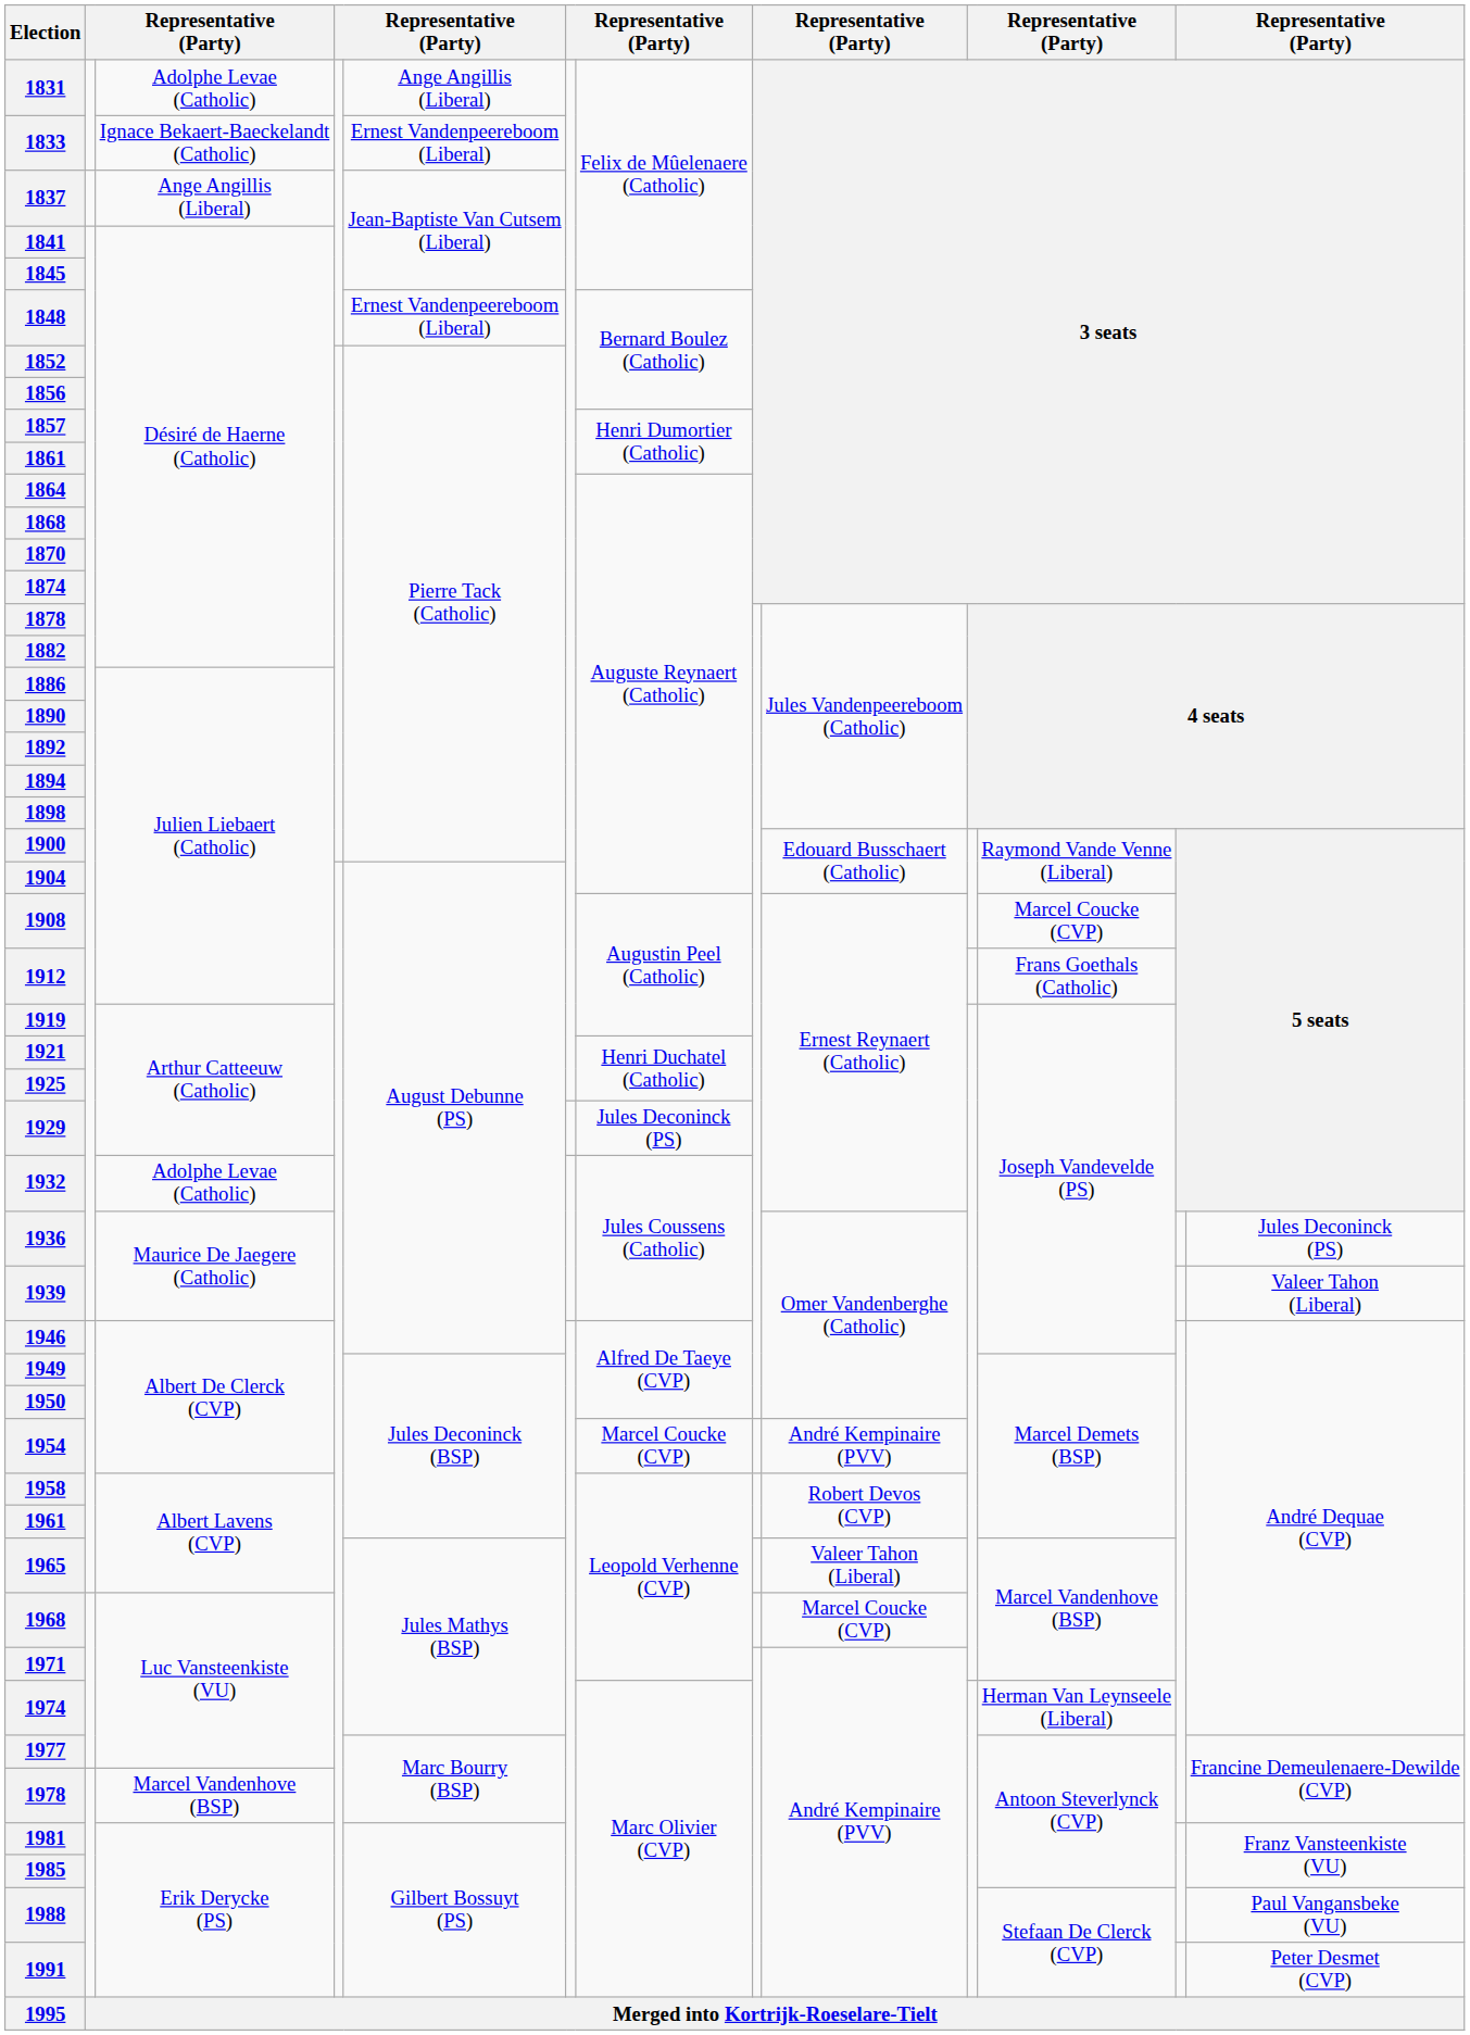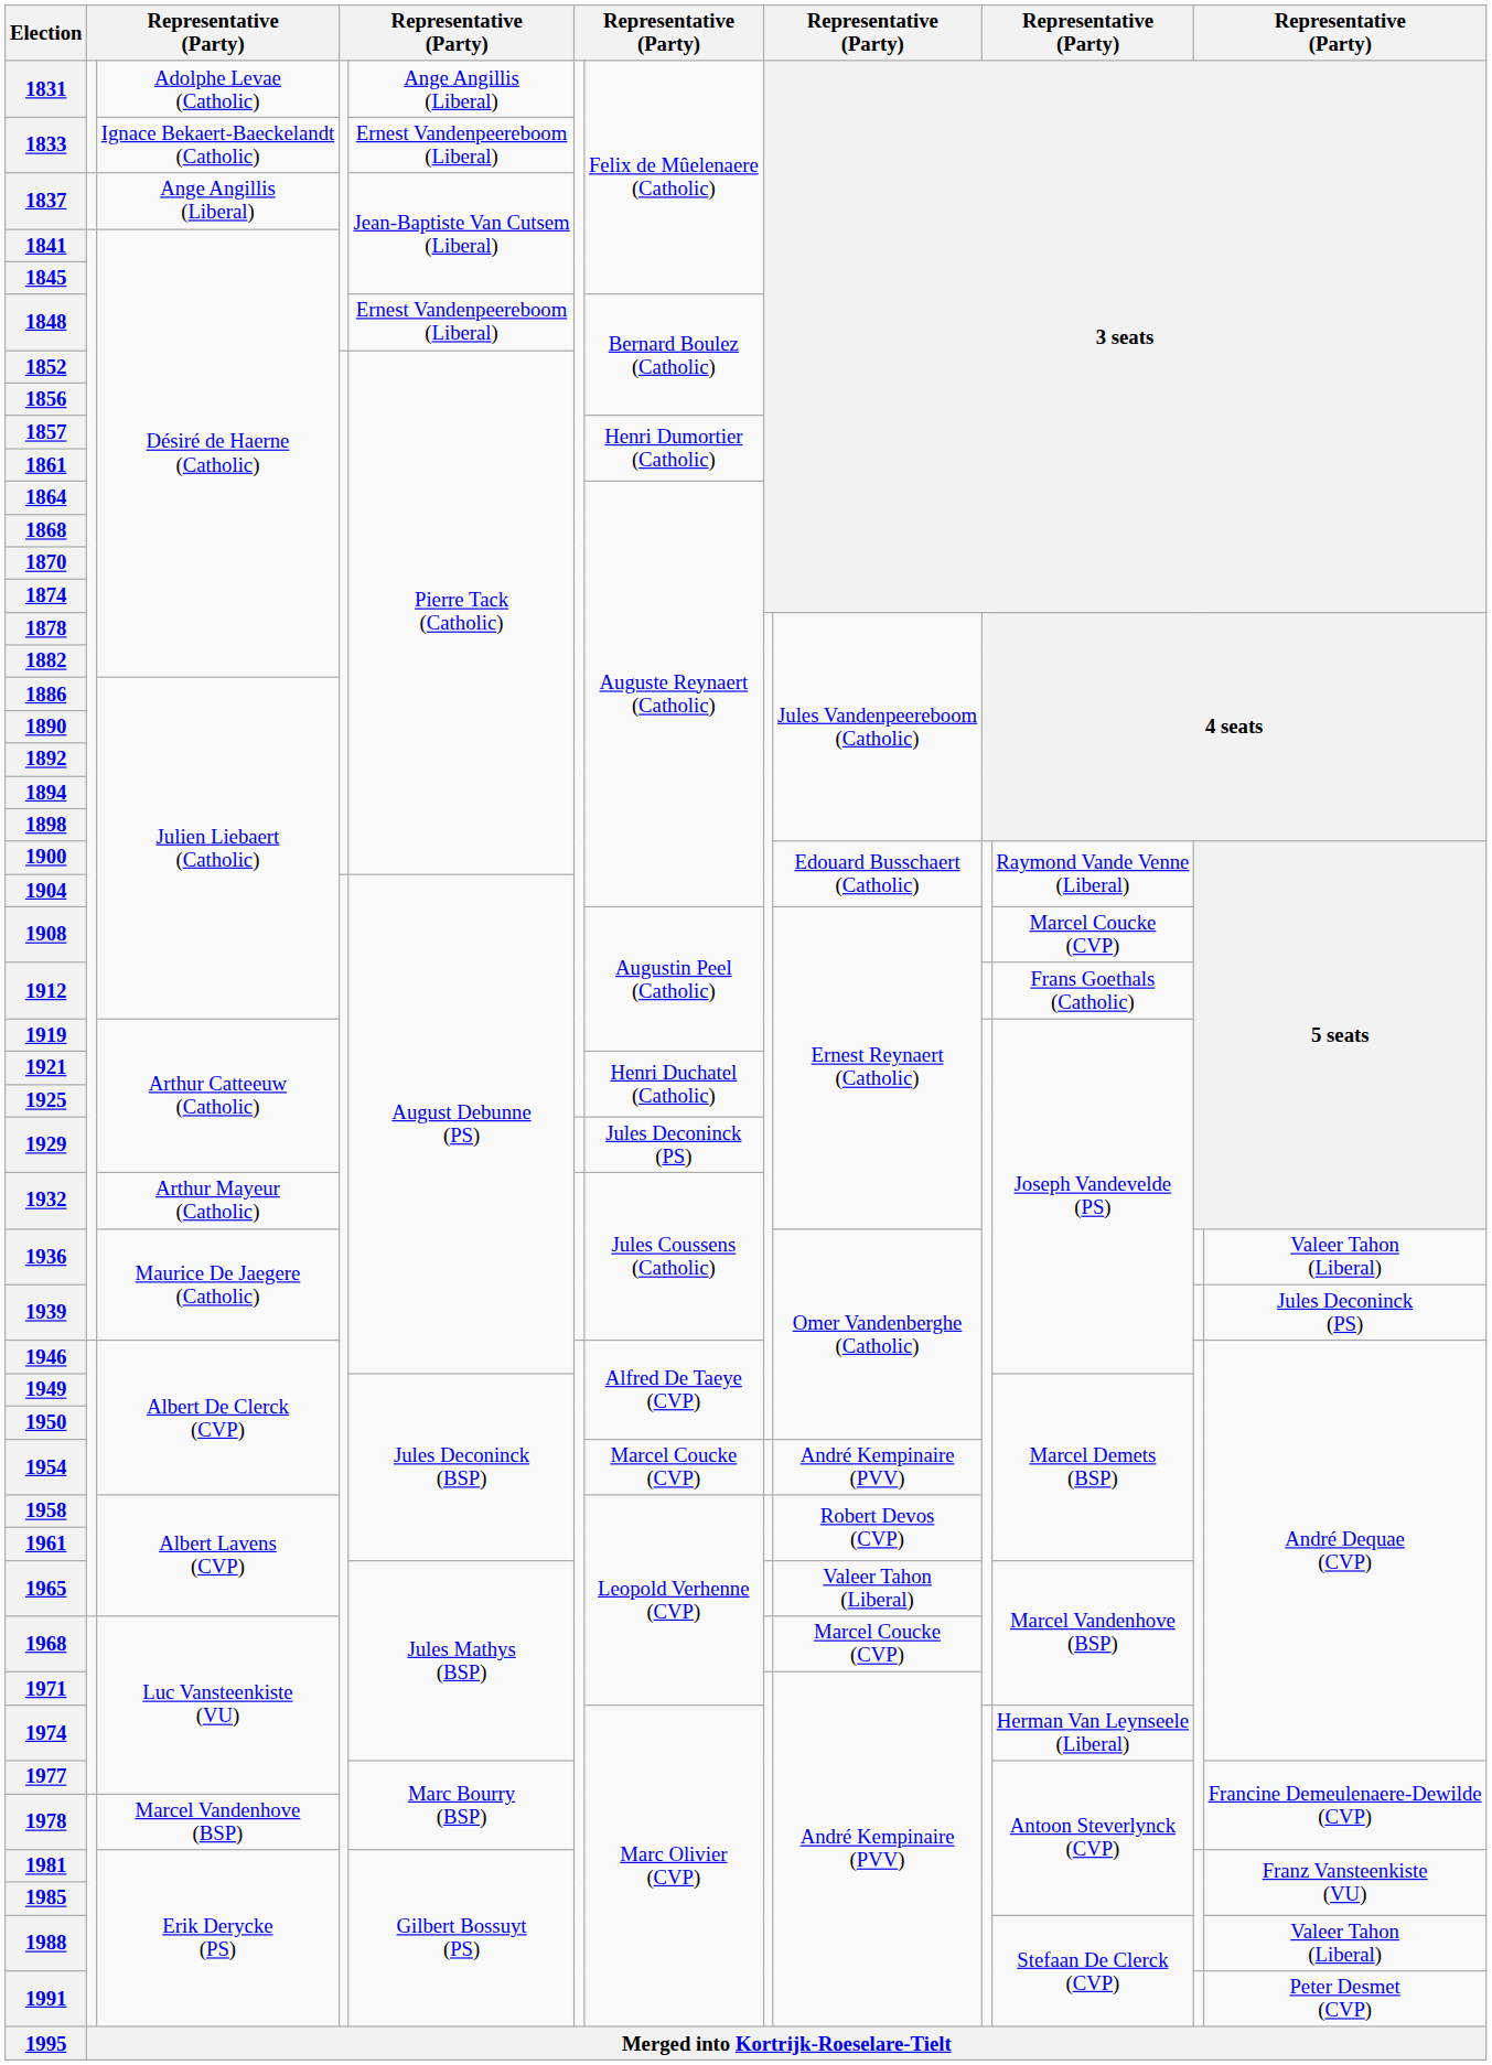 <table class="wikitable" style="text-align:center">
 <tr>
 <th>Election</th>
 <th colspan=2>Representative<br>(Party)</th>
 <th colspan=2>Representative<br>(Party)</th>
 <th colspan=2>Representative<br>(Party)</th>
 <th colspan=2>Representative<br>(Party)</th>
 <th colspan=2>Representative<br>(Party)</th>
 <th colspan=2>Representative<br>(Party)</th>
 </tr>
 <tr>
 <th><a href='#'>1831</a></th>
 <td rowspan=2; style="background-color: "></td>
 <td rowspan=1><a href='#'>Adolphe Levae</a><br>(<a href='#'>Catholic</a>)</td>
 <td rowspan=6; style="background-color: "></td>
 <td rowspan=1><a href='#'>Ange Angillis</a><br>(<a href='#'>Liberal</a>)</td>
 <td rowspan=28; style="background-color: "></td>
 <td rowspan=5><a href='#'>Felix de Mûelenaere</a><br>(<a href='#'>Catholic</a>)</td>
 <th rowspan=14; colspan=6>3 seats</th>
 </tr>
 <tr>
 <th><a href='#'>1833</a></th>
 <td rowspan=1><a href='#'>Ignace Bekaert-Baeckelandt</a><br>(<a href='#'>Catholic</a>)</td>
 <td rowspan=1><a href='#'>Ernest Vandenpeereboom</a><br>(<a href='#'>Liberal</a>)</td>
 </tr>
 <tr>
 <th><a href='#'>1837</a></th>
 <td rowspan=1; style="background-color: "></td>
 <td rowspan=1><a href='#'>Ange Angillis</a><br>(<a href='#'>Liberal</a>)</td>
 <td rowspan=3><a href='#'>Jean-Baptiste Van Cutsem</a><br>(<a href='#'>Liberal</a>)</td>
 </tr>
 <tr>
 <th><a href='#'>1841</a></th>
 <td rowspan=29; style="background-color: "></td>
 <td rowspan=13><a href='#'>Désiré de Haerne</a><br>(<a href='#'>Catholic</a>)</td>
 </tr>
 <tr>
 <th><a href='#'>1845</a></th>
 </tr>
 <tr>
 <th><a href='#'>1848</a></th>
 <td rowspan=1><a href='#'>Ernest Vandenpeereboom</a><br>(<a href='#'>Liberal</a>)</td>
 <td rowspan=3><a href='#'>Bernard Boulez</a><br>(<a href='#'>Catholic</a>)</td>
 </tr>
 <tr>
 <th><a href='#'>1852</a></th>
 <td rowspan=16; style="background-color: "></td>
 <td rowspan=16><a href='#'>Pierre Tack</a><br>(<a href='#'>Catholic</a>)</td>
 </tr>
 <tr>
 <th><a href='#'>1856</a></th>
 </tr>
 <tr>
 <th><a href='#'>1857</a></th>
 <td rowspan=2><a href='#'>Henri Dumortier</a><br>(<a href='#'>Catholic</a>)</td>
 </tr>
 <tr>
 <th><a href='#'>1861</a></th>
 </tr>
 <tr>
 <th><a href='#'>1864</a></th>
 <td rowspan=13><a href='#'>Auguste Reynaert</a><br>(<a href='#'>Catholic</a>)</td>
 </tr>
 <tr>
 <th><a href='#'>1868</a></th>
 </tr>
 <tr>
 <th><a href='#'>1870</a></th>
 </tr>
 <tr>
 <th><a href='#'>1874</a></th>
 </tr>
 <tr>
 <th><a href='#'>1878</a></th>
 <td rowspan=21; style="background-color: "></td>
 <td rowspan=7><a href='#'>Jules Vandenpeereboom</a><br>(<a href='#'>Catholic</a>)</td>
 <th rowspan=7; colspan=4>4 seats</th>
 </tr>
 <tr>
 <th><a href='#'>1882</a></th>
 </tr>
 <tr>
 <th><a href='#'>1886</a></th>
 <td rowspan=9><a href='#'>Julien Liebaert</a><br>(<a href='#'>Catholic</a>)</td>
 </tr>
 <tr>
 <th><a href='#'>1890</a></th>
 </tr>
 <tr>
 <th><a href='#'>1892</a></th>
 </tr>
 <tr>
 <th><a href='#'>1894</a></th>
 </tr>
 <tr>
 <th><a href='#'>1898</a></th>
 </tr>
 <tr>
 <th><a href='#'>1900</a></th>
 <td rowspan=2><a href='#'>Edouard Busschaert</a><br>(<a href='#'>Catholic</a>)</td>
 <td rowspan=3; style="background-color: "></td>
 <td rowspan=2><a href='#'>Raymond Vande Venne</a><br>(<a href='#'>Liberal</a>)</td>
 <th rowspan=9; colspan=2>5 seats</th>
 </tr>
 <tr>
 <th><a href='#'>1904</a></th>
 <td rowspan=26; style="background-color: "></td>
 <td rowspan=11><a href='#'>August Debunne</a><br>(<a href='#'>PS</a>)</td>
 </tr>
 <tr>
 <th><a href='#'>1908</a></th>
 <td rowspan=3><a href='#'>Augustin Peel</a><br>(<a href='#'>Catholic</a>)</td>
 <td rowspan=7><a href='#'>Ernest Reynaert</a><br>(<a href='#'>Catholic</a>)</td>
 <td rowspan=1><a href='#'>Marcel Coucke</a><br>(<a href='#'>CVP</a>)</td>
 </tr>
 <tr>
 <th><a href='#'>1912</a></th>
 <td rowspan=1; style="background-color: "></td>
 <td rowspan=1><a href='#'>Frans Goethals</a><br>(<a href='#'>Catholic</a>)</td>
 </tr>
 <tr>
 <th><a href='#'>1919</a></th>
 <td rowspan=4><a href='#'>Arthur Catteeuw</a><br>(<a href='#'>Catholic</a>)</td>
 <td rowspan=16; style="background-color: "></td>
 <td rowspan=8><a href='#'>Joseph Vandevelde</a><br>(<a href='#'>PS</a>)</td>
 </tr>
 <tr>
 <th><a href='#'>1921</a></th>
 <td rowspan=2><a href='#'>Henri Duchatel</a><br>(<a href='#'>Catholic</a>)</td>
 </tr>
 <tr>
 <th><a href='#'>1925</a></th>
 </tr>
 <tr>
 <th><a href='#'>1929</a></th>
 <td rowspan=1; style="background-color: "></td>
 <td rowspan=1><a href='#'>Jules Deconinck</a><br>(<a href='#'>PS</a>)</td>
 </tr>
 <tr>
 <th><a href='#'>1932</a></th>
-<td rowspan=1><a href='#'>Adolphe Levae</a><br>(<a href='#'>Catholic</a>)</td>
+<td rowspan=1><a href='#'>Arthur Mayeur</a><br>(<a href='#'>Catholic</a>)</td>
 <td rowspan=3; style="background-color: "></td>
 <td rowspan=3><a href='#'>Jules Coussens</a><br>(<a href='#'>Catholic</a>)</td>
 </tr>
 <tr>
 <th><a href='#'>1936</a></th>
 <td rowspan=2><a href='#'>Maurice De Jaegere</a><br>(<a href='#'>Catholic</a>)</td>
 <td rowspan=5><a href='#'>Omer Vandenberghe</a><br>(<a href='#'>Catholic</a>)</td>
 <td rowspan=1; style="background-color: "></td>
-<td rowspan=1><a href='#'>Jules Deconinck</a><br>(<a href='#'>PS</a>)</td>
+<td rowspan=1><a href='#'>Valeer Tahon</a><br>(<a href='#'>Liberal</a>)</td>
 </tr>
 <tr>
 <th><a href='#'>1939</a></th>
 <td rowspan=1; style="background-color: "></td>
-<td rowspan=1><a href='#'>Valeer Tahon</a><br>(<a href='#'>Liberal</a>)</td>
+<td rowspan=1><a href='#'>Jules Deconinck</a><br>(<a href='#'>PS</a>)</td>
 </tr>
 <tr>
 <th><a href='#'>1946</a></th>
 <td rowspan=7; style="background-color: "></td>
 <td rowspan=4><a href='#'>Albert De Clerck</a><br>(<a href='#'>CVP</a>)</td>
 <td rowspan=16; style="background-color: "></td>
 <td rowspan=3><a href='#'>Alfred De Taeye</a><br>(<a href='#'>CVP</a>)</td>
 <td rowspan=12; style="background-color: "></td>
 <td rowspan=10><a href='#'>André Dequae</a><br>(<a href='#'>CVP</a>)</td>
 </tr>
 <tr>
 <th><a href='#'>1949</a></th>
 <td rowspan=5><a href='#'>Jules Deconinck</a><br>(<a href='#'>BSP</a>)</td>
 <td rowspan=5><a href='#'>Marcel Demets</a><br>(<a href='#'>BSP</a>)</td>
 </tr>
 <tr>
 <th><a href='#'>1950</a></th>
 </tr>
 <tr>
 <th><a href='#'>1954</a></th>
 <td rowspan=1><a href='#'>Marcel Coucke</a><br>(<a href='#'>CVP</a>)</td>
 <td rowspan=1; style="background-color: "></td>
 <td rowspan=1><a href='#'>André Kempinaire</a><br>(<a href='#'>PVV</a>)</td>
 </tr>
 <tr>
 <th><a href='#'>1958</a></th>
 <td rowspan=3><a href='#'>Albert Lavens</a><br>(<a href='#'>CVP</a>)</td>
 <td rowspan=5><a href='#'>Leopold Verhenne</a><br>(<a href='#'>CVP</a>)</td>
 <td rowspan=2; style="background-color: "></td>
 <td rowspan=2><a href='#'>Robert Devos</a><br>(<a href='#'>CVP</a>)</td>
 </tr>
 <tr>
 <th><a href='#'>1961</a></th>
 </tr>
 <tr>
 <th><a href='#'>1965</a></th>
 <td rowspan=4><a href='#'>Jules Mathys</a><br>(<a href='#'>BSP</a>)</td>
 <td rowspan=1; style="background-color: "></td>
 <td rowspan=1><a href='#'>Valeer Tahon</a><br>(<a href='#'>Liberal</a>)</td>
 <td rowspan=3><a href='#'>Marcel Vandenhove</a><br>(<a href='#'>BSP</a>)</td>
 </tr>
 <tr>
 <th><a href='#'>1968</a></th>
 <td rowspan=4; style="background-color: "></td>
 <td rowspan=4><a href='#'>Luc Vansteenkiste</a><br>(<a href='#'>VU</a>)</td>
 <td rowspan=1; style="background-color: "></td>
 <td rowspan=1><a href='#'>Marcel Coucke</a><br>(<a href='#'>CVP</a>)</td>
 </tr>
 <tr>
 <th><a href='#'>1971</a></th>
 <td rowspan=8; style="background-color: "></td>
 <td rowspan=8><a href='#'>André Kempinaire</a><br>(<a href='#'>PVV</a>)</td>
 </tr>
 <tr>
 <th><a href='#'>1974</a></th>
 <td rowspan=7><a href='#'>Marc Olivier</a><br>(<a href='#'>CVP</a>)</td>
 <td rowspan=7; style="background-color: "></td>
 <td rowspan=1><a href='#'>Herman Van Leynseele</a><br>(<a href='#'>Liberal</a>)</td>
 </tr>
 <tr>
 <th><a href='#'>1977</a></th>
 <td rowspan=2><a href='#'>Marc Bourry</a><br>(<a href='#'>BSP</a>)</td>
 <td rowspan=4><a href='#'>Antoon Steverlynck</a><br>(<a href='#'>CVP</a>)</td>
 <td rowspan=2><a href='#'>Francine Demeulenaere-Dewilde</a><br>(<a href='#'>CVP</a>)</td>
 </tr>
 <tr>
 <th><a href='#'>1978</a></th>
 <td rowspan=5; style="background-color: "></td>
 <td rowspan=1><a href='#'>Marcel Vandenhove</a><br>(<a href='#'>BSP</a>)</td>
 </tr>
 <tr>
 <th><a href='#'>1981</a></th>
 <td rowspan=4><a href='#'>Erik Derycke</a><br>(<a href='#'>PS</a>)</td>
 <td rowspan=4><a href='#'>Gilbert Bossuyt</a><br>(<a href='#'>PS</a>)</td>
 <td rowspan=3; style="background-color: "></td>
 <td rowspan=2><a href='#'>Franz Vansteenkiste</a><br>(<a href='#'>VU</a>)</td>
 </tr>
 <tr>
 <th><a href='#'>1985</a></th>
 </tr>
 <tr>
 <th><a href='#'>1988</a></th>
 <td rowspan=2><a href='#'>Stefaan De Clerck</a><br>(<a href='#'>CVP</a>)</td>
-<td rowspan=1><a href='#'>Paul Vangansbeke</a><br>(<a href='#'>VU</a>)</td>
+<td rowspan=1><a href='#'>Valeer Tahon</a><br>(<a href='#'>Liberal</a>)</td>
 </tr>
 <tr>
 <th><a href='#'>1991</a></th>
 <td rowspan=1; style="background-color: "></td>
 <td rowspan=1><a href='#'>Peter Desmet</a><br>(<a href='#'>CVP</a>)</td>
 </tr>
 <tr>
 <th><a href='#'>1995</a></th>
 <th colspan=12>Merged into <a href='#'>Kortrijk-Roeselare-Tielt</a></th>
 </tr>
 </table>
